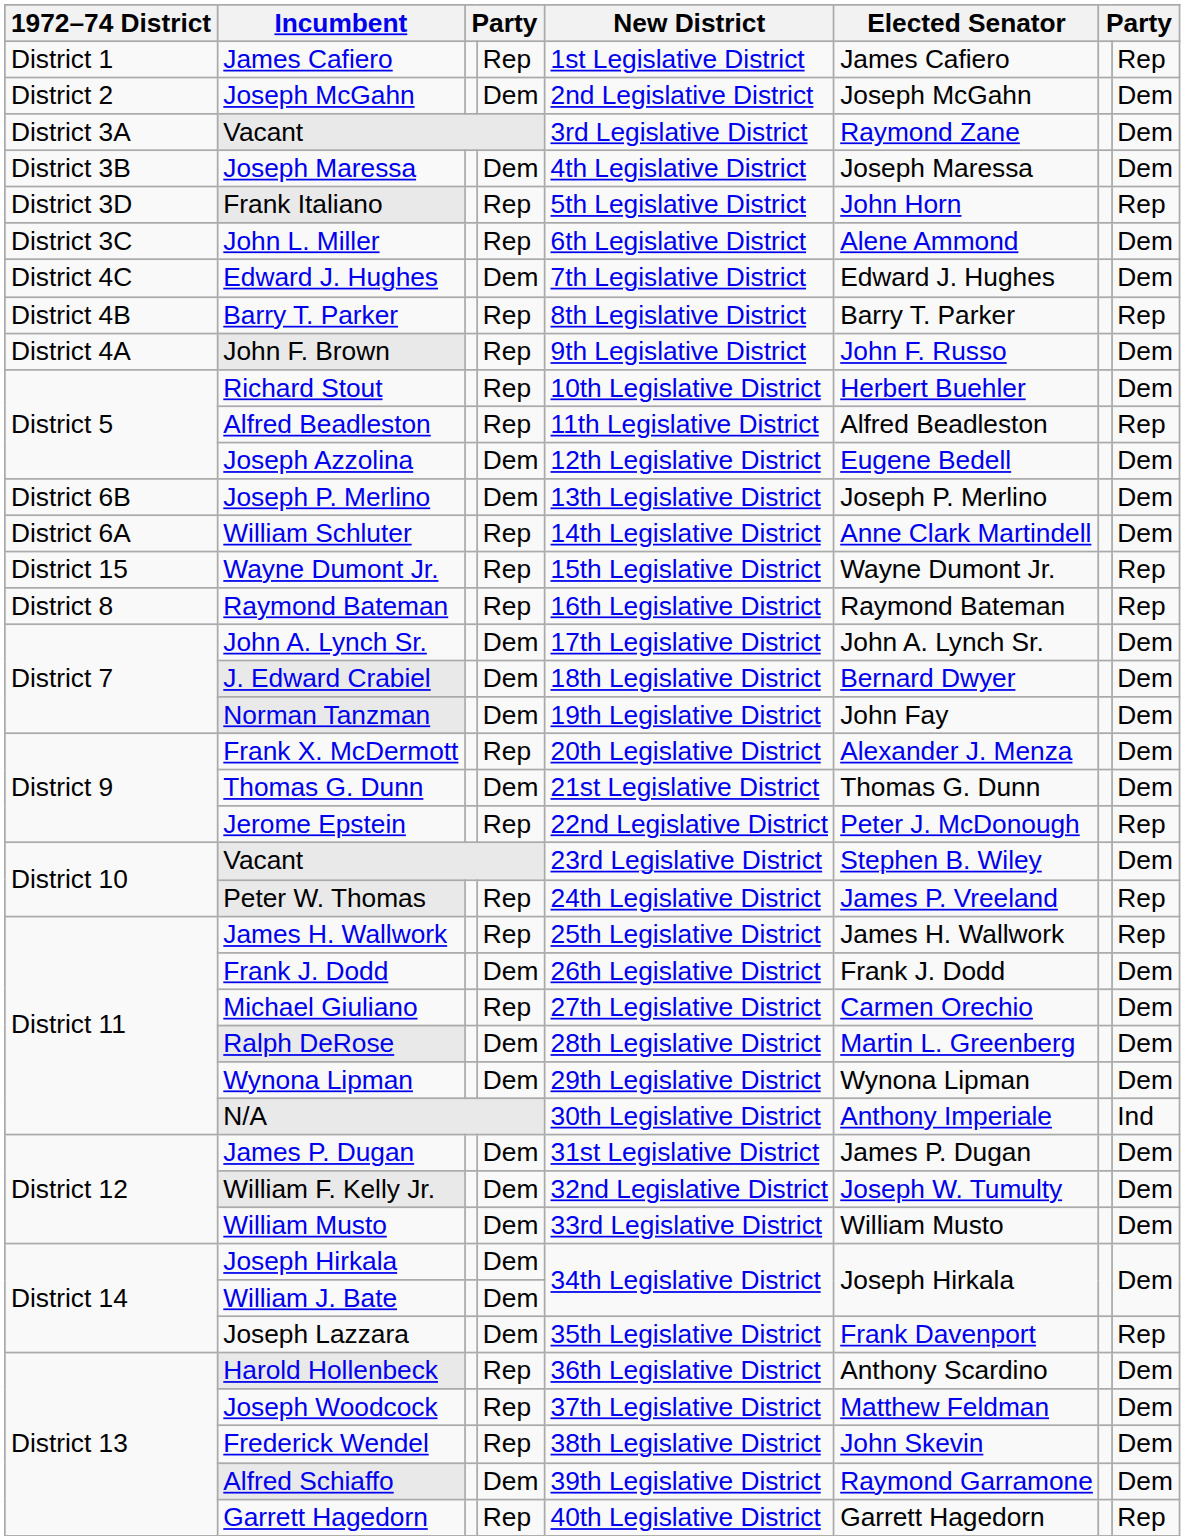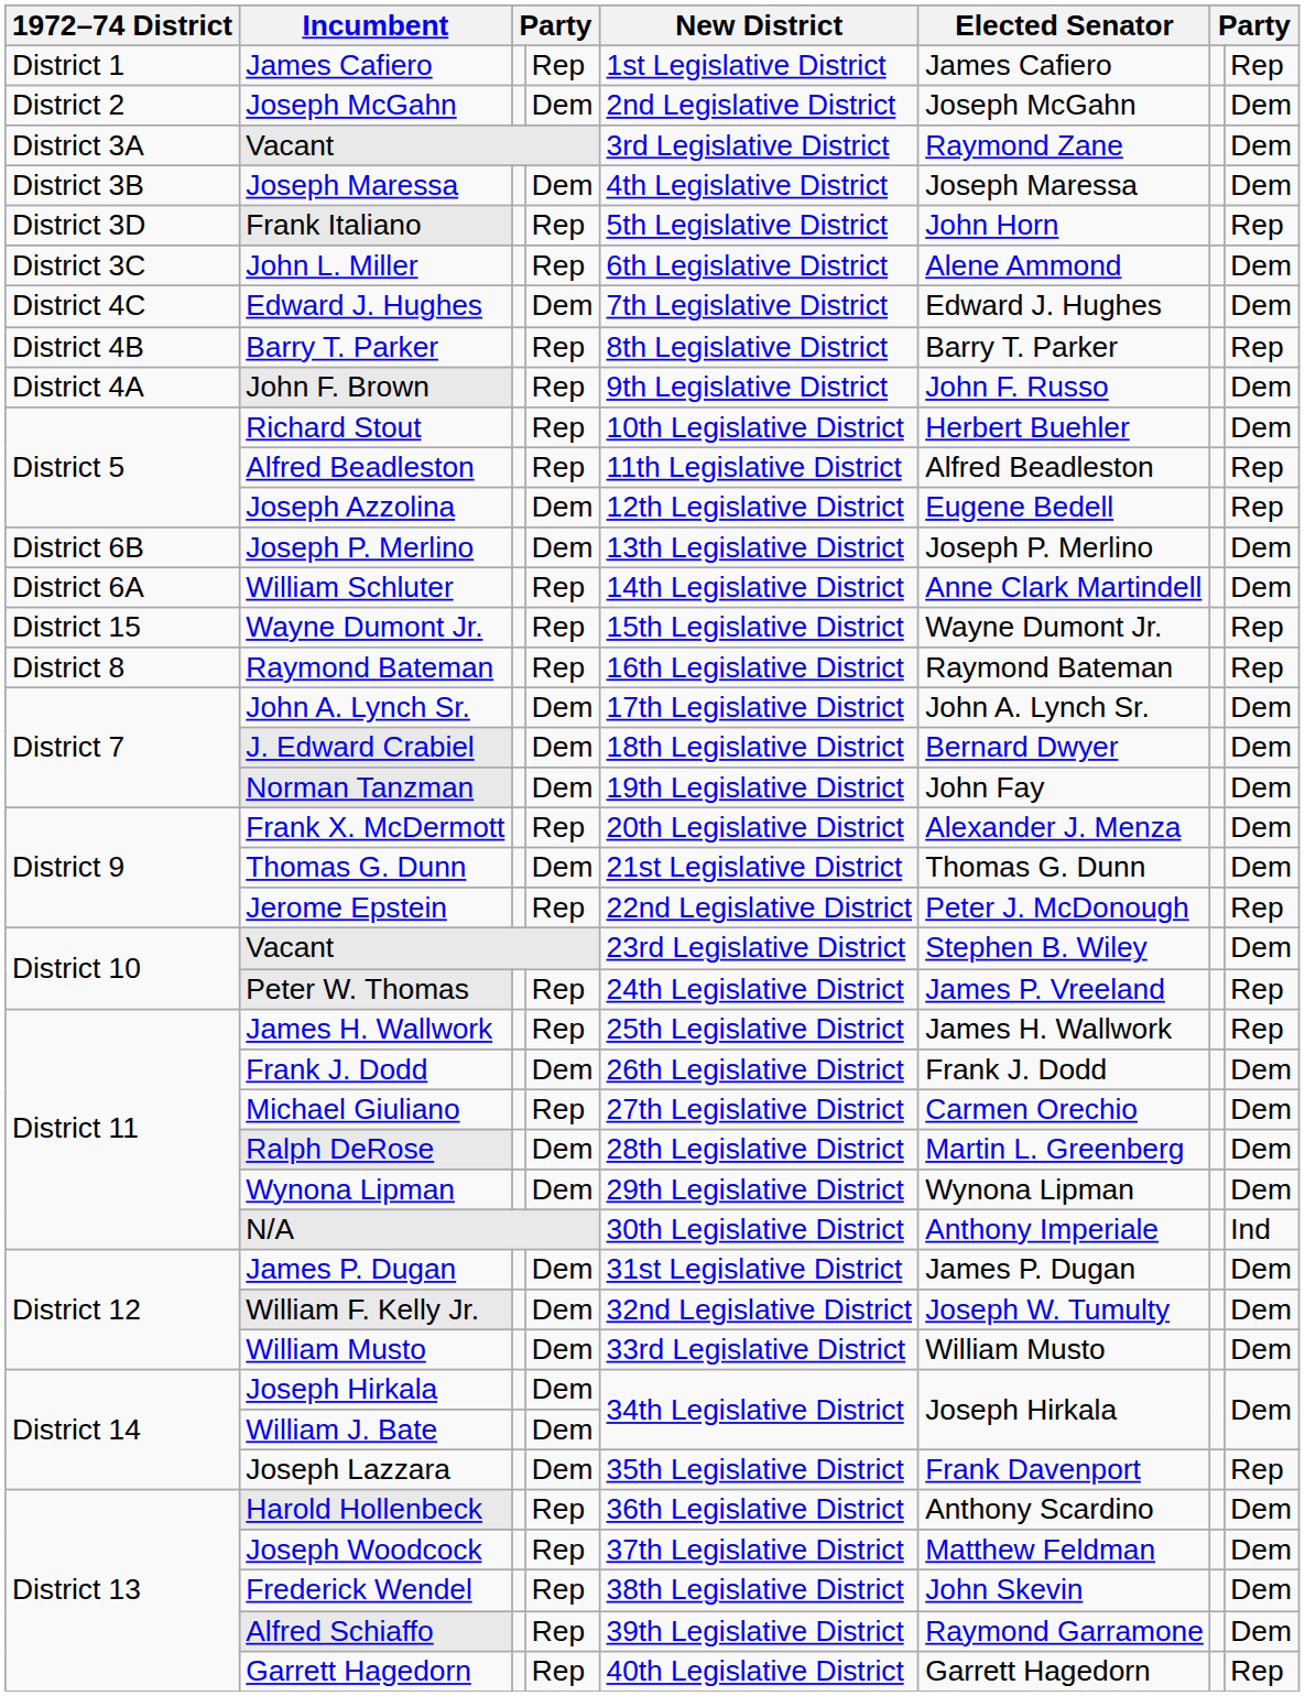 <table class="sortable wikitable" style="font-size:95%;line-height:14px;">
 <tr>
 <th>1972–74 District</th>
 <th class="unsortable"><a href='#'>Incumbent</a></th>
 <th colspan="2">Party</th>
 <th>New District</th>
 <th class="unsortable">Elected Senator</th>
 <th colspan="2">Party</th>
 </tr>
 <tr>
 <td>District 1</td>
 <td><a href='#'>James Cafiero</a></td>
 <td style="background:"></td>
 <td>Rep</td>
 <td><a href='#'>1st Legislative District</a></td>
 <td>James Cafiero</td>
 <td style="background:"></td>
 <td>Rep</td>
 </tr>
 <tr>
 <td>District 2</td>
 <td><a href='#'>Joseph McGahn</a></td>
 <td style="background:"></td>
 <td>Dem</td>
 <td><a href='#'>2nd Legislative District</a></td>
 <td>Joseph McGahn</td>
 <td style="background:"></td>
 <td>Dem</td>
 </tr>
 <tr>
 <td>District 3A</td>
 <td colspan="3" style="background:#E9E9E9;">Vacant</td>
 <td><a href='#'>3rd Legislative District</a></td>
 <td><a href='#'>Raymond Zane</a></td>
 <td style="background:"></td>
 <td>Dem</td>
 </tr>
 <tr>
 <td>District 3B</td>
 <td><a href='#'>Joseph Maressa</a></td>
 <td style="background:"></td>
 <td>Dem</td>
 <td><a href='#'>4th Legislative District</a></td>
 <td>Joseph Maressa</td>
 <td style="background:"></td>
 <td>Dem</td>
 </tr>
 <tr>
 <td>District 3D</td>
 <td style="background:#E9E9E9;">Frank Italiano</td>
 <td style="background:"></td>
 <td>Rep</td>
 <td><a href='#'>5th Legislative District</a></td>
 <td><a href='#'>John Horn</a></td>
 <td style="background:"></td>
 <td>Rep</td>
 </tr>
 <tr>
 <td>District 3C</td>
 <td><a href='#'>John L. Miller</a></td>
 <td style="background:"></td>
 <td>Rep</td>
 <td><a href='#'>6th Legislative District</a></td>
 <td><a href='#'>Alene Ammond</a></td>
 <td style="background:"></td>
 <td>Dem</td>
 </tr>
 <tr>
 <td>District 4C</td>
 <td><a href='#'>Edward J. Hughes</a></td>
 <td style="background:"></td>
 <td>Dem</td>
 <td><a href='#'>7th Legislative District</a></td>
 <td>Edward J. Hughes</td>
 <td style="background:"></td>
 <td>Dem</td>
 </tr>
 <tr>
 <td>District 4B</td>
 <td><a href='#'>Barry T. Parker</a></td>
 <td style="background:"></td>
 <td>Rep</td>
 <td><a href='#'>8th Legislative District</a></td>
 <td>Barry T. Parker</td>
 <td style="background:"></td>
 <td>Rep</td>
 </tr>
 <tr>
 <td>District 4A</td>
 <td style="background:#E9E9E9;">John F. Brown</td>
 <td style="background:"></td>
 <td>Rep</td>
 <td><a href='#'>9th Legislative District</a></td>
 <td><a href='#'>John F. Russo</a></td>
 <td style="background:"></td>
 <td>Dem</td>
 </tr>
 <tr>
 <td rowspan="3">District 5</td>
 <td><a href='#'>Richard Stout</a></td>
 <td style="background:"></td>
 <td>Rep</td>
 <td><a href='#'>10th Legislative District</a></td>
 <td><a href='#'>Herbert Buehler</a></td>
 <td style="background:"></td>
 <td>Dem</td>
 </tr>
 <tr>
 <td><a href='#'>Alfred Beadleston</a></td>
 <td style="background:"></td>
 <td>Rep</td>
 <td><a href='#'>11th Legislative District</a></td>
 <td>Alfred Beadleston</td>
 <td style="background:"></td>
 <td>Rep</td>
 </tr>
 <tr>
 <td><a href='#'>Joseph Azzolina</a></td>
 <td style="background:"></td>
 <td>Dem</td>
 <td><a href='#'>12th Legislative District</a></td>
 <td><a href='#'>Eugene Bedell</a></td>
 <td style="background:"></td>
-<td>Dem</td>
+<td>Rep</td>
 </tr>
 <tr>
 <td>District 6B</td>
 <td><a href='#'>Joseph P. Merlino</a></td>
 <td style="background:"></td>
 <td>Dem</td>
 <td><a href='#'>13th Legislative District</a></td>
 <td>Joseph P. Merlino</td>
 <td style="background:"></td>
 <td>Dem</td>
 </tr>
 <tr>
 <td>District 6A</td>
 <td><a href='#'>William Schluter</a></td>
 <td style="background:"></td>
 <td>Rep</td>
 <td><a href='#'>14th Legislative District</a></td>
 <td><a href='#'>Anne Clark Martindell</a></td>
 <td style="background:"></td>
 <td>Dem</td>
 </tr>
 <tr>
 <td>District 15</td>
 <td><a href='#'>Wayne Dumont Jr.</a></td>
 <td style="background:"></td>
 <td>Rep</td>
 <td><a href='#'>15th Legislative District</a></td>
 <td>Wayne Dumont Jr.</td>
 <td style="background:"></td>
 <td>Rep</td>
 </tr>
 <tr>
 <td>District 8</td>
 <td><a href='#'>Raymond Bateman</a></td>
 <td style="background:"></td>
 <td>Rep</td>
 <td><a href='#'>16th Legislative District</a></td>
 <td>Raymond Bateman</td>
 <td style="background:"></td>
 <td>Rep</td>
 </tr>
 <tr>
 <td rowspan="3">District 7</td>
 <td><a href='#'>John A. Lynch Sr.</a></td>
 <td style="background:"></td>
 <td>Dem</td>
 <td><a href='#'>17th Legislative District</a></td>
 <td>John A. Lynch Sr.</td>
 <td style="background:"></td>
 <td>Dem</td>
 </tr>
 <tr>
 <td style="background:#E9E9E9;"><a href='#'>J. Edward Crabiel</a></td>
 <td style="background:"></td>
 <td>Dem</td>
 <td><a href='#'>18th Legislative District</a></td>
 <td><a href='#'>Bernard Dwyer</a></td>
 <td style="background:"></td>
 <td>Dem</td>
 </tr>
 <tr>
 <td style="background:#E9E9E9;"><a href='#'>Norman Tanzman</a></td>
 <td style="background:"></td>
 <td>Dem</td>
 <td><a href='#'>19th Legislative District</a></td>
 <td>John Fay</td>
 <td style="background:"></td>
 <td>Dem</td>
 </tr>
 <tr>
 <td rowspan="3">District 9</td>
 <td><a href='#'>Frank X. McDermott</a></td>
 <td style="background:"></td>
 <td>Rep</td>
 <td><a href='#'>20th Legislative District</a></td>
 <td><a href='#'>Alexander J. Menza</a></td>
 <td style="background:"></td>
 <td>Dem</td>
 </tr>
 <tr>
 <td><a href='#'>Thomas G. Dunn</a></td>
 <td style="background:"></td>
 <td>Dem</td>
 <td><a href='#'>21st Legislative District</a></td>
 <td>Thomas G. Dunn</td>
 <td style="background:"></td>
 <td>Dem</td>
 </tr>
 <tr>
 <td><a href='#'>Jerome Epstein</a></td>
 <td style="background:"></td>
 <td>Rep</td>
 <td><a href='#'>22nd Legislative District</a></td>
 <td><a href='#'>Peter J. McDonough</a></td>
 <td style="background:"></td>
 <td>Rep</td>
 </tr>
 <tr>
 <td rowspan="2">District 10</td>
 <td colspan="3" style="background:#E9E9E9;">Vacant</td>
 <td><a href='#'>23rd Legislative District</a></td>
 <td><a href='#'>Stephen B. Wiley</a></td>
 <td style="background:"></td>
 <td>Dem</td>
 </tr>
 <tr>
 <td style="background:#E9E9E9;">Peter W. Thomas</td>
 <td style="background:"></td>
 <td>Rep</td>
 <td><a href='#'>24th Legislative District</a></td>
 <td><a href='#'>James P. Vreeland</a></td>
 <td style="background:"></td>
 <td>Rep</td>
 </tr>
 <tr>
 <td rowspan="6">District 11</td>
 <td><a href='#'>James H. Wallwork</a></td>
 <td style="background:"></td>
 <td>Rep</td>
 <td><a href='#'>25th Legislative District</a></td>
 <td>James H. Wallwork</td>
 <td style="background:"></td>
 <td>Rep</td>
 </tr>
 <tr>
 <td><a href='#'>Frank J. Dodd</a></td>
 <td style="background:"></td>
 <td>Dem</td>
 <td><a href='#'>26th Legislative District</a></td>
 <td>Frank J. Dodd</td>
 <td style="background:"></td>
 <td>Dem</td>
 </tr>
 <tr>
 <td><a href='#'>Michael Giuliano</a></td>
 <td style="background:"></td>
 <td>Rep</td>
 <td><a href='#'>27th Legislative District</a></td>
 <td><a href='#'>Carmen Orechio</a></td>
 <td style="background:"></td>
 <td>Dem</td>
 </tr>
 <tr>
 <td style="background:#E9E9E9;"><a href='#'>Ralph DeRose</a></td>
 <td style="background:"></td>
 <td>Dem</td>
 <td><a href='#'>28th Legislative District</a></td>
 <td><a href='#'>Martin L. Greenberg</a></td>
 <td style="background:"></td>
 <td>Dem</td>
 </tr>
 <tr>
 <td><a href='#'>Wynona Lipman</a></td>
 <td style="background:"></td>
 <td>Dem</td>
 <td><a href='#'>29th Legislative District</a></td>
 <td>Wynona Lipman</td>
 <td style="background:"></td>
 <td>Dem</td>
 </tr>
 <tr>
 <td colspan="3" style="background:#E9E9E9;">N/A</td>
 <td><a href='#'>30th Legislative District</a></td>
 <td><a href='#'>Anthony Imperiale</a></td>
 <td style="background:"></td>
 <td>Ind</td>
 </tr>
 <tr>
 <td rowspan="3">District 12</td>
 <td><a href='#'>James P. Dugan</a></td>
 <td style="background:"></td>
 <td>Dem</td>
 <td><a href='#'>31st Legislative District</a></td>
 <td>James P. Dugan</td>
 <td style="background:"></td>
 <td>Dem</td>
 </tr>
 <tr>
 <td style="background:#E9E9E9;">William F. Kelly Jr.</td>
 <td style="background:"></td>
 <td>Dem</td>
 <td><a href='#'>32nd Legislative District</a></td>
 <td><a href='#'>Joseph W. Tumulty</a></td>
 <td style="background:"></td>
 <td>Dem</td>
 </tr>
 <tr>
 <td><a href='#'>William Musto</a></td>
 <td style="background:"></td>
 <td>Dem</td>
 <td><a href='#'>33rd Legislative District</a></td>
 <td>William Musto</td>
 <td style="background:"></td>
 <td>Dem</td>
 </tr>
 <tr>
 <td rowspan="3">District 14</td>
 <td><a href='#'>Joseph Hirkala</a></td>
 <td style="background:"></td>
 <td>Dem</td>
 <td rowspan="2"><a href='#'>34th Legislative District</a></td>
 <td rowspan="2">Joseph Hirkala</td>
 <td rowspan="2" style="background:"></td>
 <td rowspan="2">Dem</td>
 </tr>
 <tr>
 <td><a href='#'>William J. Bate</a></td>
 <td style="background:"></td>
 <td>Dem</td>
 </tr>
 <tr>
 <td>Joseph Lazzara</td>
 <td style="background:"></td>
 <td>Dem</td>
 <td><a href='#'>35th Legislative District</a></td>
 <td><a href='#'>Frank Davenport</a></td>
 <td style="background:"></td>
 <td>Rep</td>
 </tr>
 <tr>
 <td rowspan="5">District 13</td>
 <td style="background:#E9E9E9;"><a href='#'>Harold Hollenbeck</a></td>
 <td style="background:"></td>
 <td>Rep</td>
 <td><a href='#'>36th Legislative District</a></td>
 <td>Anthony Scardino</td>
 <td style="background:"></td>
 <td>Dem</td>
 </tr>
 <tr>
 <td><a href='#'>Joseph Woodcock</a></td>
 <td style="background:"></td>
 <td>Rep</td>
 <td><a href='#'>37th Legislative District</a></td>
 <td><a href='#'>Matthew Feldman</a></td>
 <td style="background:"></td>
 <td>Dem</td>
 </tr>
 <tr>
 <td><a href='#'>Frederick Wendel</a></td>
 <td style="background:"></td>
 <td>Rep</td>
 <td><a href='#'>38th Legislative District</a></td>
 <td><a href='#'>John Skevin</a></td>
 <td style="background:"></td>
 <td>Dem</td>
 </tr>
 <tr>
 <td style="background:#E9E9E9;"><a href='#'>Alfred Schiaffo</a></td>
 <td style="background:"></td>
-<td>Dem</td>
+<td>Rep</td>
 <td><a href='#'>39th Legislative District</a></td>
 <td><a href='#'>Raymond Garramone</a></td>
 <td style="background:"></td>
 <td>Dem</td>
 </tr>
 <tr>
 <td><a href='#'>Garrett Hagedorn</a></td>
 <td style="background:"></td>
 <td>Rep</td>
 <td><a href='#'>40th Legislative District</a></td>
 <td>Garrett Hagedorn</td>
 <td style="background:"></td>
 <td>Rep</td>
 </tr>
 </table>
